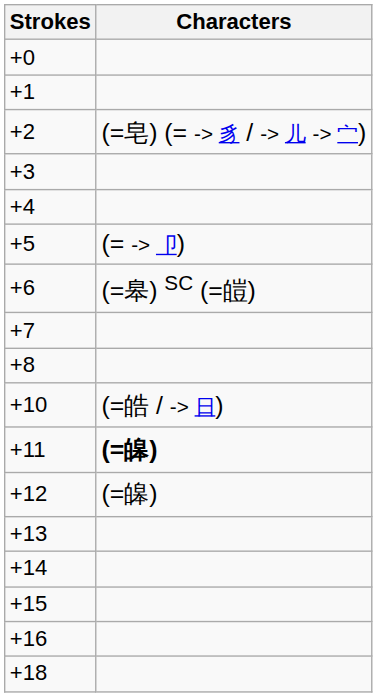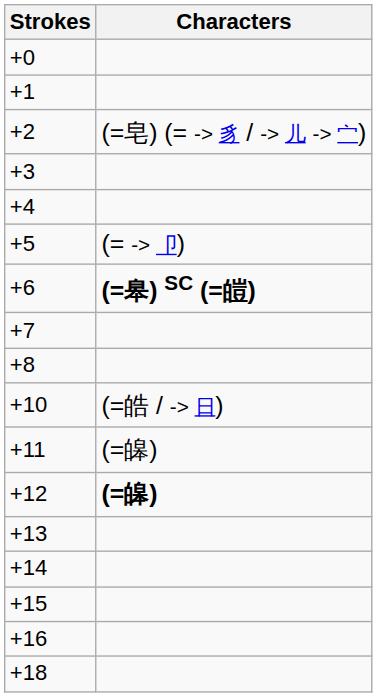 <table class="wikitable">
 <tr>
 <th>Strokes</th>
 <th>Characters</th>
 </tr>
 <tr>
 <td>+0</td>
 <td style="font-size: large;"></td>
 </tr>
 <tr>
 <td>+1</td>
 <td style="font-size: large;"> </td>
 </tr>
 <tr>
 <td>+2</td>
 <td style="font-size: large;">  (=皂)   (= <small>-> <a href='#'>豸</a></small> /  <small>-> <a href='#'>儿</a></small>  <small>-> <a href='#'>宀</a></small>)</td>
 </tr>
 <tr>
 <td>+3</td>
 <td style="font-size: large;"></td>
 </tr>
 <tr>
 <td>+4</td>
 <td style="font-size: large;">   </td>
 </tr>
 <tr>
 <td>+5</td>
 <td style="font-size: large;">      (= <small>-> <a href='#'>卩</a></small>)</td>
 </tr>
 <tr>
 <td>+6</td>
-<td style="font-size: large;">   (=皋) <sup>SC</sup> (=皚)</td>
+<td style="font-size: large;"><strong>   (=皋) <sup>SC</sup> (=皚)</strong></td>
 </tr>
 <tr>
 <td>+7</td>
 <td style="font-size: large;">    </td>
 </tr>
 <tr>
 <td>+8</td>
 <td style="font-size: large;">  </td>
 </tr>
 <tr>
 <td>+10</td>
 <td style="font-size: large;">   (=皓 /  <small>-> <a href='#'>日</a></small>)  </td>
 </tr>
 <tr>
 <td>+11</td>
-<td style="font-size: large;"><strong>   (=皞)</strong></td>
+<td style="font-size: large;">   (=皞)</td>
 </tr>
 <tr>
 <td>+12</td>
-<td style="font-size: large;">    (=皞)</td>
+<td style="font-size: large;"><strong>    (=皞)</strong></td>
 </tr>
 <tr>
 <td>+13</td>
 <td style="font-size: large;">  </td>
 </tr>
 <tr>
 <td>+14</td>
 <td style="font-size: large;"></td>
 </tr>
 <tr>
 <td>+15</td>
 <td style="font-size: large;"> </td>
 </tr>
 <tr>
 <td>+16</td>
 <td style="font-size: large;"></td>
 </tr>
 <tr>
 <td>+18</td>
 <td style="font-size: large;"></td>
 </tr>
 </table>
